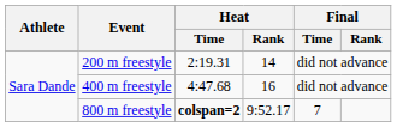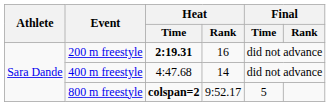 <table class=wikitable style="font-size:90%">
 <tr>
 <th rowspan="2">Athlete</th>
 <th rowspan="2">Event</th>
 <th colspan="2">Heat</th>
 <th colspan="2">Final</th>
 </tr>
 <tr style="font-size:95%">
 <th>Time</th>
 <th>Rank</th>
 <th>Time</th>
 <th>Rank</th>
 </tr>
 <tr align=center>
 <td align=left rowspan=3><a href='#'>Sara Dande</a></td>
 <td align=left><a href='#'>200 m freestyle</a></td>
-<td>2:19.31</td>
-<td>14</td>
+<td><strong>2:19.31</strong></td>
+<td>16</td>
 <td colspan=2>did not advance</td>
 </tr>
 <tr align=center>
 <td align=left><a href='#'>400 m freestyle</a></td>
 <td>4:47.68</td>
-<td>16</td>
+<td>14</td>
 <td colspan=2>did not advance</td>
 </tr>
 <tr align=center>
 <td align=left><a href='#'>800 m freestyle</a></td>
 <td><strong>colspan=2 </strong></td>
 <td>9:52.17</td>
-<td>7</td>
+<td>5</td>
 </tr>
 </table>
